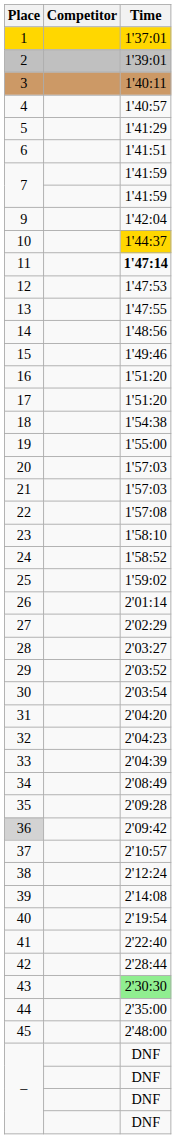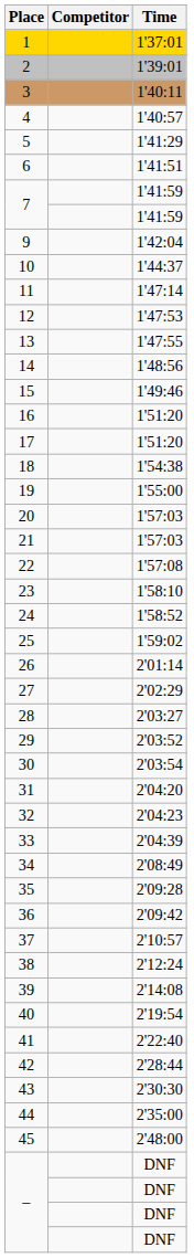 <table class=wikitable style="text-align:center">
 <tr>
 <th>Place</th>
 <th>Competitor</th>
 <th>Time</th>
 </tr>
 <tr align=center bgcolor=gold>
 <td>1</td>
 <td align=left></td>
 <td>1'37:01</td>
 </tr>
 <tr align=center bgcolor=silver>
 <td>2</td>
 <td align=left></td>
 <td>1'39:01</td>
 </tr>
 <tr align=center bgcolor=cc9966>
 <td>3</td>
 <td align=left></td>
 <td>1'40:11</td>
 </tr>
 <tr>
 <td>4</td>
 <td align=left></td>
 <td>1'40:57</td>
 </tr>
 <tr>
 <td>5</td>
 <td align=left></td>
 <td>1'41:29</td>
 </tr>
 <tr>
 <td>6</td>
 <td align=left></td>
 <td>1'41:51</td>
 </tr>
 <tr>
 <td rowspan=2>7</td>
 <td align=left></td>
 <td>1'41:59</td>
 </tr>
 <tr>
 <td align=left></td>
 <td>1'41:59</td>
 </tr>
 <tr>
 <td>9</td>
 <td align=left></td>
 <td>1'42:04</td>
 </tr>
 <tr>
 <td>10</td>
 <td align=left></td>
-<td style="background: gold;">1'44:37</td>
+<td>1'44:37</td>
 </tr>
 <tr>
 <td>11</td>
 <td align=left></td>
-<td><strong>1'47:14</strong></td>
+<td>1'47:14</td>
 </tr>
 <tr>
 <td>12</td>
 <td align=left></td>
 <td>1'47:53</td>
 </tr>
 <tr>
 <td>13</td>
 <td align=left></td>
 <td>1'47:55</td>
 </tr>
 <tr>
 <td>14</td>
 <td align=left></td>
 <td>1'48:56</td>
 </tr>
 <tr>
 <td>15</td>
 <td align=left></td>
 <td>1'49:46</td>
 </tr>
 <tr>
 <td>16</td>
 <td align=left></td>
 <td>1'51:20</td>
 </tr>
 <tr>
 <td>17</td>
 <td align=left></td>
 <td>1'51:20</td>
 </tr>
 <tr>
 <td>18</td>
 <td align=left></td>
 <td>1'54:38</td>
 </tr>
 <tr>
 <td>19</td>
 <td align=left></td>
 <td>1'55:00</td>
 </tr>
 <tr>
 <td>20</td>
 <td align=left></td>
 <td>1'57:03</td>
 </tr>
 <tr>
 <td>21</td>
 <td align=left></td>
 <td>1'57:03</td>
 </tr>
 <tr>
 <td>22</td>
 <td align=left></td>
 <td>1'57:08</td>
 </tr>
 <tr>
 <td>23</td>
 <td align=left></td>
 <td>1'58:10</td>
 </tr>
 <tr>
 <td>24</td>
 <td align=left></td>
 <td>1'58:52</td>
 </tr>
 <tr>
 <td>25</td>
 <td align=left></td>
 <td>1'59:02</td>
 </tr>
 <tr>
 <td>26</td>
 <td align=left></td>
 <td>2'01:14</td>
 </tr>
 <tr>
 <td>27</td>
 <td align=left></td>
 <td>2'02:29</td>
 </tr>
 <tr>
 <td>28</td>
 <td align=left></td>
 <td>2'03:27</td>
 </tr>
 <tr>
 <td>29</td>
 <td align=left></td>
 <td>2'03:52</td>
 </tr>
 <tr>
 <td>30</td>
 <td align=left></td>
 <td>2'03:54</td>
 </tr>
 <tr>
 <td>31</td>
 <td align=left></td>
 <td>2'04:20</td>
 </tr>
 <tr>
 <td>32</td>
 <td align=left></td>
 <td>2'04:23</td>
 </tr>
 <tr>
 <td>33</td>
 <td align=left></td>
 <td>2'04:39</td>
 </tr>
 <tr>
 <td>34</td>
 <td align=left></td>
 <td>2'08:49</td>
 </tr>
 <tr>
 <td>35</td>
 <td align=left></td>
 <td>2'09:28</td>
 </tr>
 <tr>
-<td style="background: lightgrey;">36</td>
+<td>36</td>
 <td align=left></td>
 <td>2'09:42</td>
 </tr>
 <tr>
 <td>37</td>
 <td align=left></td>
 <td>2'10:57</td>
 </tr>
 <tr>
 <td>38</td>
 <td align=left></td>
 <td>2'12:24</td>
 </tr>
 <tr>
 <td>39</td>
 <td align=left></td>
 <td>2'14:08</td>
 </tr>
 <tr>
 <td>40</td>
 <td align=left></td>
 <td>2'19:54</td>
 </tr>
 <tr>
 <td>41</td>
 <td align=left></td>
 <td>2'22:40</td>
 </tr>
 <tr>
 <td>42</td>
 <td align=left></td>
 <td>2'28:44</td>
 </tr>
 <tr>
 <td>43</td>
 <td align=left></td>
-<td style="background: lightgreen;">2'30:30</td>
+<td>2'30:30</td>
 </tr>
 <tr>
 <td>44</td>
 <td align=left></td>
 <td>2'35:00</td>
 </tr>
 <tr>
 <td>45</td>
 <td align=left></td>
 <td>2'48:00</td>
 </tr>
 <tr>
 <td rowspan=4>–</td>
 <td align=left></td>
 <td>DNF</td>
 </tr>
 <tr>
 <td align=left></td>
 <td>DNF</td>
 </tr>
 <tr>
 <td align=left></td>
 <td>DNF</td>
 </tr>
 <tr>
 <td align=left></td>
 <td>DNF</td>
 </tr>
 </table>
